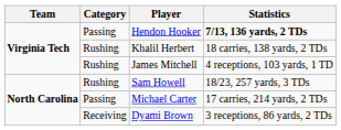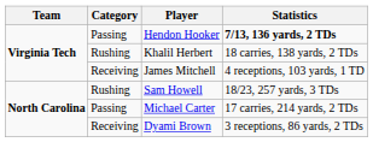 <table class="wikitable" style="float: left;">
 <tr>
 <th>Team</th>
 <th>Category</th>
 <th>Player</th>
 <th>Statistics</th>
 </tr>
 <tr>
 <td rowspan=3><strong>Virginia Tech</strong></td>
 <td>Passing</td>
 <td><a href='#'>Hendon Hooker</a></td>
 <td><strong>7/13, 136 yards, 2 TDs</strong></td>
 </tr>
 <tr>
 <td>Rushing</td>
 <td>Khalil Herbert</td>
 <td>18 carries, 138 yards, 2 TDs</td>
 </tr>
 <tr>
-<td>Rushing</td>
+<td>Receiving</td>
 <td>James Mitchell</td>
 <td>4 receptions, 103 yards, 1 TD</td>
 </tr>
 <tr>
 <td rowspan=3><strong>North Carolina</strong></td>
 <td>Rushing</td>
 <td><a href='#'>Sam Howell</a></td>
 <td>18/23, 257 yards, 3 TDs</td>
 </tr>
 <tr>
 <td>Passing</td>
 <td><a href='#'>Michael Carter</a></td>
 <td>17 carries, 214 yards, 2 TDs</td>
 </tr>
 <tr>
 <td>Receiving</td>
 <td><a href='#'>Dyami Brown</a></td>
 <td>3 receptions, 86 yards, 2 TDs</td>
 </tr>
 </table>
